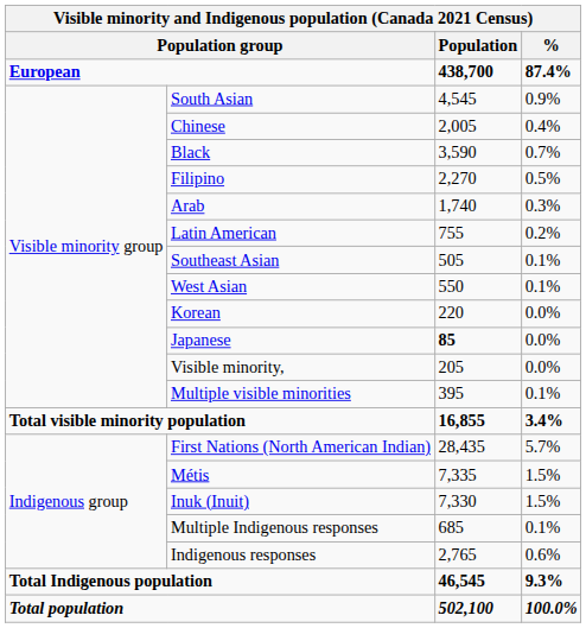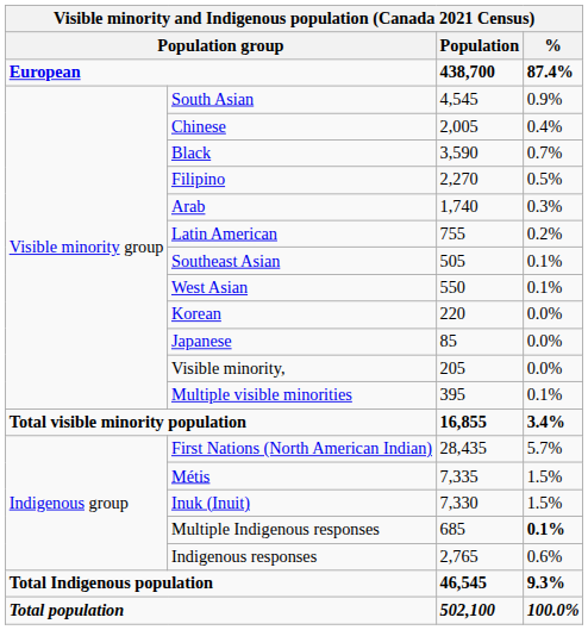 <table class="wikitable">
 <tr>
 <th colspan=4>Visible minority and Indigenous population (Canada 2021 Census)</th>
 </tr>
 <tr>
 <th colspan="2">Population group</th>
 <th>Population</th>
 <th>%</th>
 </tr>
 <tr>
 <td colspan="2"><strong><a href='#'>European</a></strong></td>
 <td><strong>438,700</strong></td>
 <td><strong>87.4%</strong></td>
 </tr>
 <tr>
 <td rowspan="12"><a href='#'>Visible minority</a> group<br></td>
 <td><a href='#'>South Asian</a></td>
 <td>4,545</td>
 <td>0.9%</td>
 </tr>
 <tr>
 <td><a href='#'>Chinese</a></td>
 <td>2,005</td>
 <td>0.4%</td>
 </tr>
 <tr>
 <td><a href='#'>Black</a></td>
 <td>3,590</td>
 <td>0.7%</td>
 </tr>
 <tr>
 <td><a href='#'>Filipino</a></td>
 <td>2,270</td>
 <td>0.5%</td>
 </tr>
 <tr>
 <td><a href='#'>Arab</a></td>
 <td>1,740</td>
 <td>0.3%</td>
 </tr>
 <tr>
 <td><a href='#'>Latin American</a></td>
 <td>755</td>
 <td>0.2%</td>
 </tr>
 <tr>
 <td><a href='#'>Southeast Asian</a></td>
 <td>505</td>
 <td>0.1%</td>
 </tr>
 <tr>
 <td><a href='#'>West Asian</a></td>
 <td>550</td>
 <td>0.1%</td>
 </tr>
 <tr>
 <td><a href='#'>Korean</a></td>
 <td>220</td>
 <td>0.0%</td>
 </tr>
 <tr>
 <td><a href='#'>Japanese</a></td>
-<td><strong>85</strong></td>
+<td>85</td>
 <td>0.0%</td>
 </tr>
 <tr>
 <td>Visible minority, </td>
 <td>205</td>
 <td>0.0%</td>
 </tr>
 <tr>
 <td><a href='#'>Multiple visible minorities</a></td>
 <td>395</td>
 <td>0.1%</td>
 </tr>
 <tr>
 <td colspan="2"><strong>Total visible minority population</strong></td>
 <td><strong>16,855</strong></td>
 <td><strong>3.4%</strong></td>
 </tr>
 <tr>
 <td rowspan="5"><a href='#'>Indigenous</a> group<br></td>
 <td><a href='#'>First Nations (North American Indian)</a></td>
 <td>28,435</td>
 <td>5.7%</td>
 </tr>
 <tr>
 <td><a href='#'>Métis</a></td>
 <td>7,335</td>
 <td>1.5%</td>
 </tr>
 <tr>
 <td><a href='#'>Inuk (Inuit)</a></td>
 <td>7,330</td>
 <td>1.5%</td>
 </tr>
 <tr>
 <td>Multiple Indigenous responses</td>
 <td>685</td>
-<td>0.1%</td>
+<td><strong>0.1%</strong></td>
 </tr>
 <tr>
 <td>Indigenous responses </td>
 <td>2,765</td>
 <td>0.6%</td>
 </tr>
 <tr>
 <td colspan="2"><strong>Total Indigenous population</strong></td>
 <td><strong>46,545</strong></td>
 <td><strong>9.3%</strong></td>
 </tr>
 <tr>
 <td colspan="2"><strong><em>Total population</em></strong></td>
 <td><strong><em>502,100</em></strong></td>
 <td><strong><em>100.0%</em></strong></td>
 </tr>
 </table>
